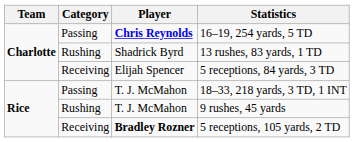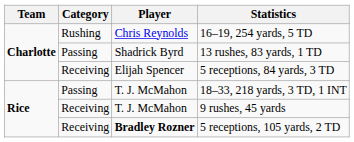 <table class="wikitable" style="float: left;">
 <tr>
 <th>Team</th>
 <th>Category</th>
 <th>Player</th>
 <th>Statistics</th>
 </tr>
 <tr>
 <td rowspan=3><strong>Charlotte</strong></td>
-<td>Passing</td>
-<td><strong><a href='#'>Chris Reynolds</a></strong></td>
+<td>Rushing</td>
+<td><a href='#'>Chris Reynolds</a></td>
 <td>16–19, 254 yards, 5 TD</td>
 </tr>
 <tr>
-<td>Rushing</td>
+<td>Passing</td>
 <td>Shadrick Byrd</td>
 <td>13 rushes, 83 yards, 1 TD</td>
 </tr>
 <tr>
 <td>Receiving</td>
 <td>Elijah Spencer</td>
 <td>5 receptions, 84 yards, 3 TD</td>
 </tr>
 <tr>
 <td rowspan=3><strong>Rice</strong></td>
 <td>Passing</td>
 <td>T. J. McMahon</td>
 <td>18–33, 218 yards, 3 TD, 1 INT</td>
 </tr>
 <tr>
-<td>Rushing</td>
+<td>Receiving</td>
 <td>T. J. McMahon</td>
 <td>9 rushes, 45 yards</td>
 </tr>
 <tr>
 <td>Receiving</td>
 <td><strong>Bradley Rozner</strong></td>
 <td>5 receptions, 105 yards, 2 TD</td>
 </tr>
 </table>
